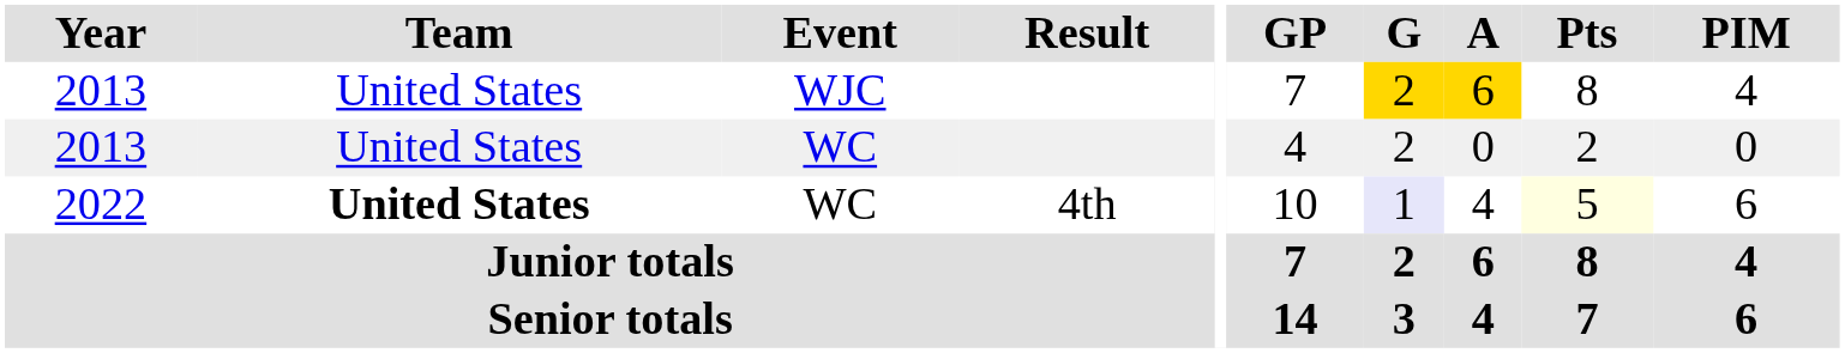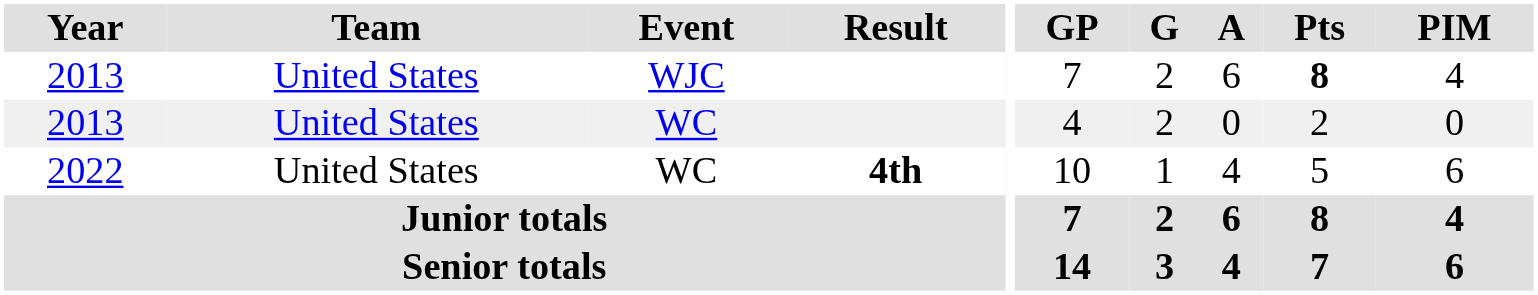 <table border="0" cellpadding="1" cellspacing="0" ID="Table3" style="text-align:center; width:40em">
 <tr bgcolor="#e0e0e0">
 <th>Year</th>
 <th>Team</th>
 <th>Event</th>
 <th>Result</th>
 <th rowspan="99" bgcolor="#ffffff"></th>
 <th>GP</th>
 <th>G</th>
 <th>A</th>
 <th>Pts</th>
 <th>PIM</th>
 </tr>
 <tr>
 <td><a href='#'>2013</a></td>
 <td><a href='#'>United States</a></td>
 <td><a href='#'>WJC</a></td>
 <td></td>
 <td>7</td>
-<td style="background: gold;">2</td>
-<td style="background: gold;">6</td>
-<td>8</td>
+<td>2</td>
+<td>6</td>
+<td><strong>8</strong></td>
 <td>4</td>
 </tr>
 <tr bgcolor="#f0f0f0">
 <td><a href='#'>2013</a></td>
 <td><a href='#'>United States</a></td>
 <td><a href='#'>WC</a></td>
 <td></td>
 <td>4</td>
 <td>2</td>
 <td>0</td>
 <td>2</td>
 <td>0</td>
 </tr>
 <tr>
 <td><a href='#'>2022</a></td>
-<td><strong>United States</strong></td>
+<td>United States</td>
 <td>WC</td>
-<td>4th</td>
+<td><strong>4th</strong></td>
 <td>10</td>
-<td style="background: lavender;">1</td>
+<td>1</td>
 <td>4</td>
-<td style="background: lightyellow;">5</td>
+<td>5</td>
 <td>6</td>
 </tr>
 <tr bgcolor="#e0e0e0">
 <th colspan="4">Junior totals</th>
 <th>7</th>
 <th>2</th>
 <th>6</th>
 <th>8</th>
 <th>4</th>
 </tr>
 <tr bgcolor="#e0e0e0">
 <th colspan="4">Senior totals</th>
 <th>14</th>
 <th>3</th>
 <th>4</th>
 <th>7</th>
 <th>6</th>
 </tr>
 </table>
